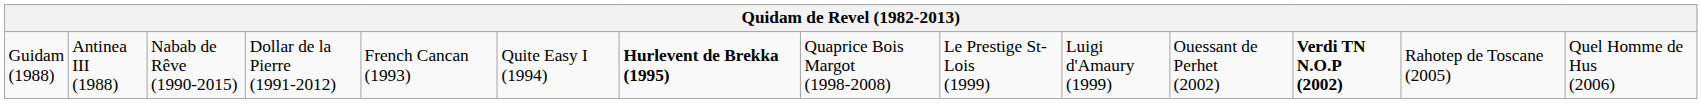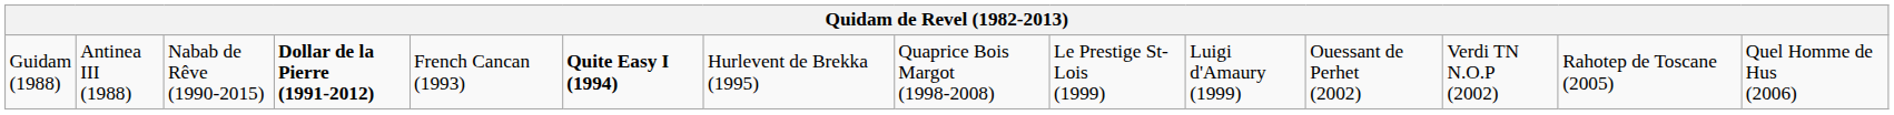 <table class="wikitable">
 <tr>
 <th colspan="14">Quidam de Revel (1982-2013)</th>
 </tr>
 <tr>
 <td>Guidam<br>(1988)</td>
 <td>Antinea III<br>(1988)</td>
 <td>Nabab de Rêve<br>(1990-2015)</td>
-<td>Dollar de la Pierre<br>(1991-2012)</td>
+<td><strong>Dollar de la Pierre<br>(1991-2012)</strong></td>
 <td>French Cancan (1993)</td>
-<td>Quite Easy I (1994)</td>
-<td><strong>Hurlevent de Brekka (1995)</strong></td>
+<td><strong>Quite Easy I (1994)</strong></td>
+<td>Hurlevent de Brekka (1995)</td>
 <td>Quaprice  Bois Margot<br>(1998-2008)</td>
 <td>Le Prestige St-Lois<br>(1999)</td>
 <td>Luigi d'Amaury<br>(1999)</td>
 <td>Ouessant de Perhet<br>(2002)</td>
-<td><strong>Verdi TN N.O.P<br>(2002)</strong></td>
+<td>Verdi TN N.O.P<br>(2002)</td>
 <td>Rahotep de Toscane (2005)</td>
 <td>Quel Homme de Hus<br>(2006)</td>
 </tr>
 </table>
